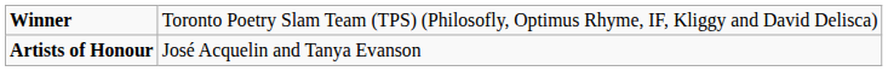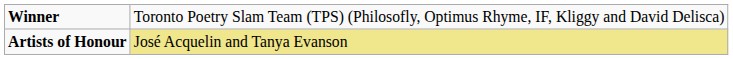 <table class="wikitable">
 <tr>
 <td><strong>Winner</strong></td>
 <td>Toronto Poetry Slam Team (TPS) (Philosofly, Optimus Rhyme, IF, Kliggy and David Delisca)</td>
 </tr>
 <tr>
 <td><strong>Artists of Honour</strong></td>
-<td>José Acquelin and Tanya Evanson</td>
+<td style="background: khaki;">José Acquelin and Tanya Evanson</td>
 </tr>
 </table>
